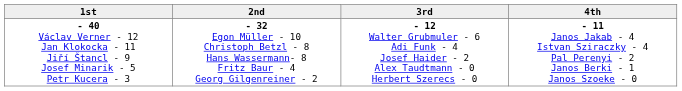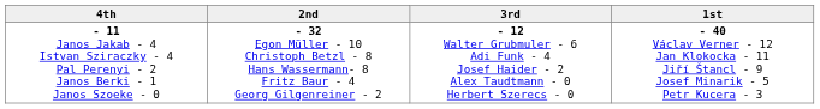 <table border=1 cellpadding=2 cellspacing=0 width=75% style="border-collapse:collapse">
 <tr align=center style="background:#efefef;">
-<th width=20% >1st</th>
+<th width=20%>4th</th>
 <th width=20% >2nd</th>
 <th width=20% >3rd</th>
-<th width=20%>4th</th>
+<th width=20% >1st</th>
 </tr>
 <tr align=center>
-<td valign=top ><strong> - 40</strong><br><a href='#'>Václav Verner</a> - 12<br><a href='#'>Jan Klokocka</a> - 11<br><a href='#'>Jiří Štancl</a> - 9<br><a href='#'>Josef Minarik</a> - 5<br><a href='#'>Petr Kucera</a> - 3</td>
+<td valign=top><strong> - 11</strong><br><a href='#'>Janos Jakab</a> - 4<br><a href='#'>Istvan Sziraczky</a> - 4<br><a href='#'>Pal Perenyi</a> - 2<br><a href='#'>Janos Berki</a>  - 1<br><a href='#'>Janos Szoeke</a> - 0</td>
 <td valign=top ><strong> - 32</strong><br><a href='#'>Egon Müller</a> - 10<br><a href='#'>Christoph Betzl</a> - 8<br><a href='#'>Hans Wassermann</a>- 8<br><a href='#'>Fritz Baur</a> - 4<br><a href='#'>Georg Gilgenreiner</a> - 2</td>
 <td valign=top ><strong> - 12</strong><br><a href='#'>Walter Grubmuler</a> - 6<br><a href='#'>Adi Funk</a> - 4<br><a href='#'>Josef Haider</a> - 2<br><a href='#'>Alex Taudtmann</a> - 0<br><a href='#'>Herbert Szerecs</a> - 0</td>
-<td valign=top><strong> - 11</strong><br><a href='#'>Janos Jakab</a> - 4<br><a href='#'>Istvan Sziraczky</a> - 4<br><a href='#'>Pal Perenyi</a> - 2<br><a href='#'>Janos Berki</a>  - 1<br><a href='#'>Janos Szoeke</a> - 0</td>
+<td valign=top ><strong> - 40</strong><br><a href='#'>Václav Verner</a> - 12<br><a href='#'>Jan Klokocka</a> - 11<br><a href='#'>Jiří Štancl</a> - 9<br><a href='#'>Josef Minarik</a> - 5<br><a href='#'>Petr Kucera</a> - 3</td>
 </tr>
 </table>
